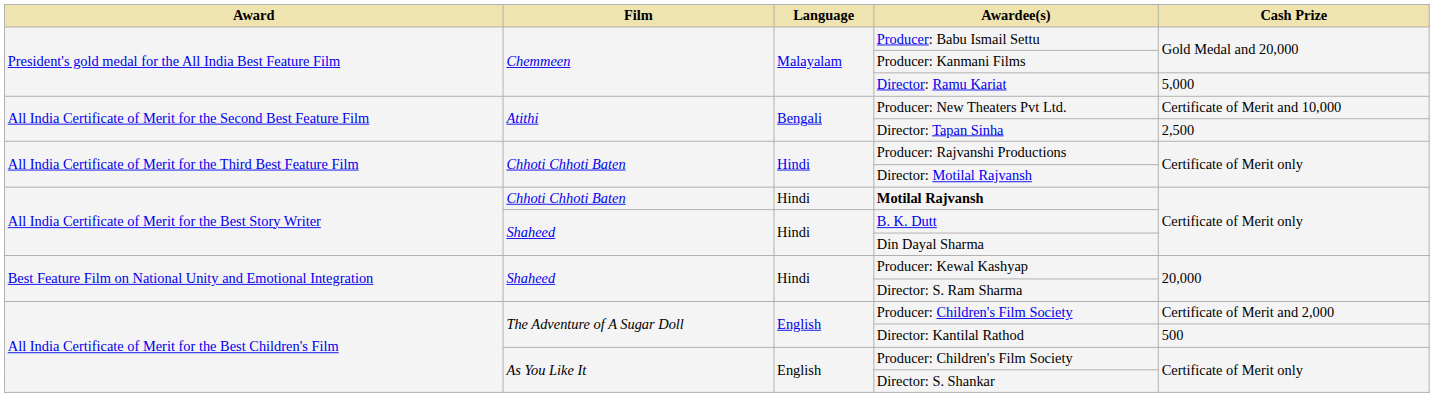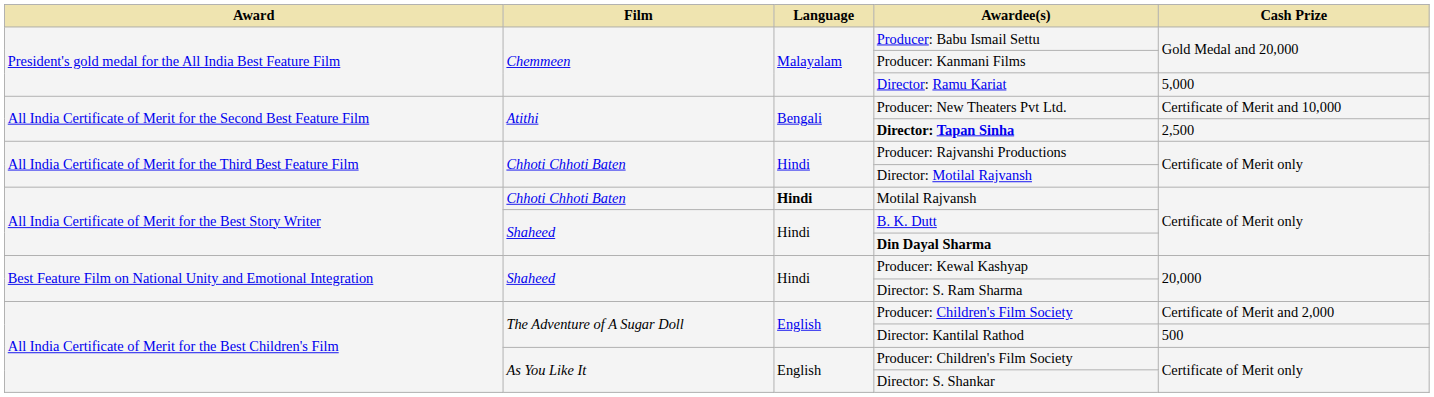 <table class="wikitable sortable" style="width:100%">
 <tr>
 <th style="background-color:#EFE4B0;width:35%;">Award</th>
 <th style="background-color:#EFE4B0;width:19%;">Film</th>
 <th style="background-color:#EFE4B0;width:7%;">Language</th>
 <th style="background-color:#EFE4B0;width:20%;">Awardee(s)</th>
 <th style="background-color:#EFE4B0;width:19%;">Cash Prize</th>
 </tr>
 <tr style="background-color:#F4F4F4">
 <td rowspan="3"><a href='#'>President's gold medal for the All India Best Feature Film</a></td>
 <td rowspan="3"><em><a href='#'>Chemmeen</a></em></td>
 <td rowspan="3"><a href='#'>Malayalam</a></td>
 <td><a href='#'>Producer</a>: Babu Ismail Settu</td>
 <td rowspan="2">Gold Medal and 20,000</td>
 </tr>
 <tr style="background-color:#F4F4F4">
 <td>Producer: Kanmani Films</td>
 </tr>
 <tr style="background-color:#F4F4F4">
 <td><a href='#'>Director</a>: <a href='#'>Ramu Kariat</a></td>
 <td>5,000</td>
 </tr>
 <tr style="background-color:#F4F4F4">
 <td rowspan="2"><a href='#'>All India Certificate of Merit for the Second Best Feature Film</a></td>
 <td rowspan="2"><em><a href='#'>Atithi</a></em></td>
 <td rowspan="2"><a href='#'>Bengali</a></td>
 <td>Producer: New Theaters Pvt Ltd.</td>
 <td>Certificate of Merit and 10,000</td>
 </tr>
 <tr style="background-color:#F4F4F4">
-<td>Director: <a href='#'>Tapan Sinha</a></td>
+<td><strong>Director: <a href='#'>Tapan Sinha</a></strong></td>
 <td>2,500</td>
 </tr>
 <tr style="background-color:#F4F4F4">
 <td rowspan="2"><a href='#'>All India Certificate of Merit for the Third Best Feature Film</a></td>
 <td rowspan="2"><em><a href='#'>Chhoti Chhoti Baten</a></em></td>
 <td rowspan="2"><a href='#'>Hindi</a></td>
 <td>Producer: Rajvanshi Productions</td>
 <td rowspan="2">Certificate of Merit only</td>
 </tr>
 <tr style="background-color:#F4F4F4">
 <td>Director: <a href='#'>Motilal Rajvansh</a></td>
 </tr>
 <tr style="background-color:#F4F4F4">
 <td rowspan="3"><a href='#'>All India Certificate of Merit for the Best Story Writer</a></td>
 <td><em><a href='#'>Chhoti Chhoti Baten</a></em></td>
-<td>Hindi</td>
-<td><strong>Motilal Rajvansh</strong></td>
+<td><strong>Hindi</strong></td>
+<td>Motilal Rajvansh</td>
 <td rowspan="3">Certificate of Merit only</td>
 </tr>
 <tr style="background-color:#F4F4F4">
 <td rowspan="2"><em><a href='#'>Shaheed</a></em></td>
 <td rowspan="2">Hindi</td>
 <td><a href='#'>B. K. Dutt</a></td>
 </tr>
 <tr style="background-color:#F4F4F4">
-<td>Din Dayal Sharma</td>
+<td><strong>Din Dayal Sharma</strong></td>
 </tr>
 <tr style="background-color:#F4F4F4">
 <td rowspan="2"><a href='#'>Best Feature Film on National Unity and Emotional Integration</a></td>
 <td rowspan="2"><em><a href='#'>Shaheed</a></em></td>
 <td rowspan="2">Hindi</td>
 <td>Producer: Kewal Kashyap</td>
 <td rowspan="2">20,000</td>
 </tr>
 <tr style="background-color:#F4F4F4">
 <td>Director: S. Ram Sharma</td>
 </tr>
 <tr style="background-color:#F4F4F4">
 <td rowspan="4"><a href='#'>All India Certificate of Merit for the Best Children's Film</a></td>
 <td rowspan="2"><em>The Adventure of A Sugar Doll</em></td>
 <td rowspan="2"><a href='#'>English</a></td>
 <td>Producer: <a href='#'>Children's Film Society</a></td>
 <td>Certificate of Merit and 2,000</td>
 </tr>
 <tr style="background-color:#F4F4F4">
 <td>Director: Kantilal Rathod</td>
 <td>500</td>
 </tr>
 <tr style="background-color:#F4F4F4">
 <td rowspan="2"><em>As You Like It</em></td>
 <td rowspan="2">English</td>
 <td>Producer: Children's Film Society</td>
 <td rowspan="2">Certificate of Merit only</td>
 </tr>
 <tr style="background-color:#F4F4F4">
 <td>Director: S. Shankar</td>
 </tr>
 </table>
